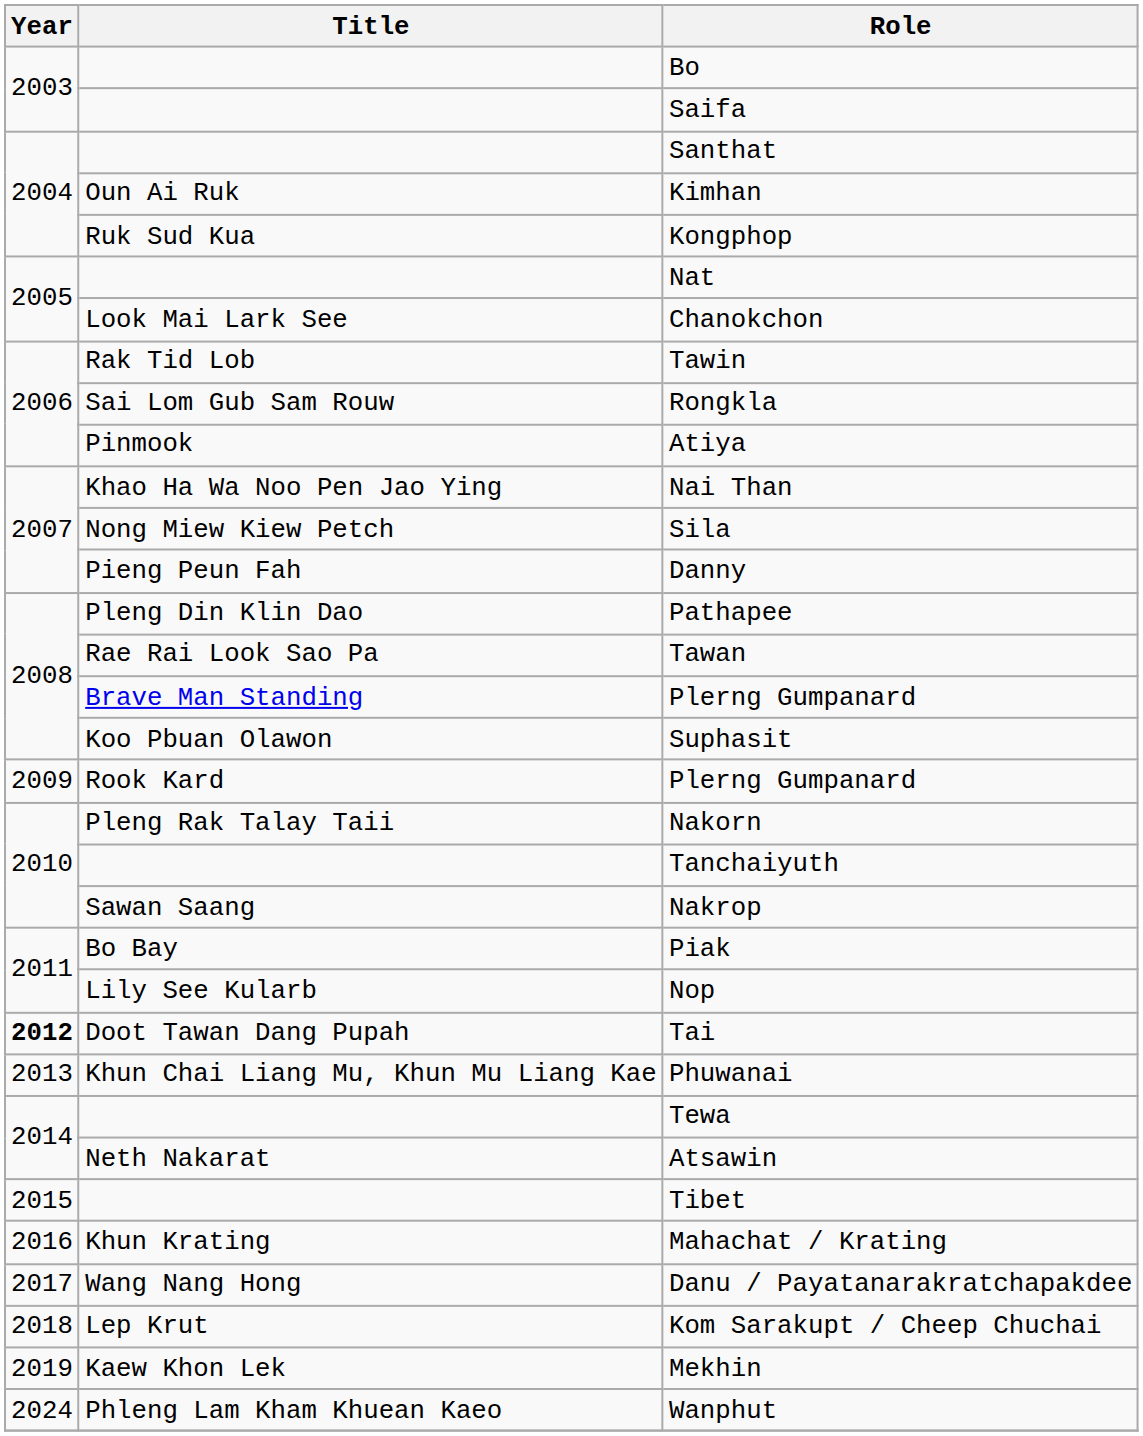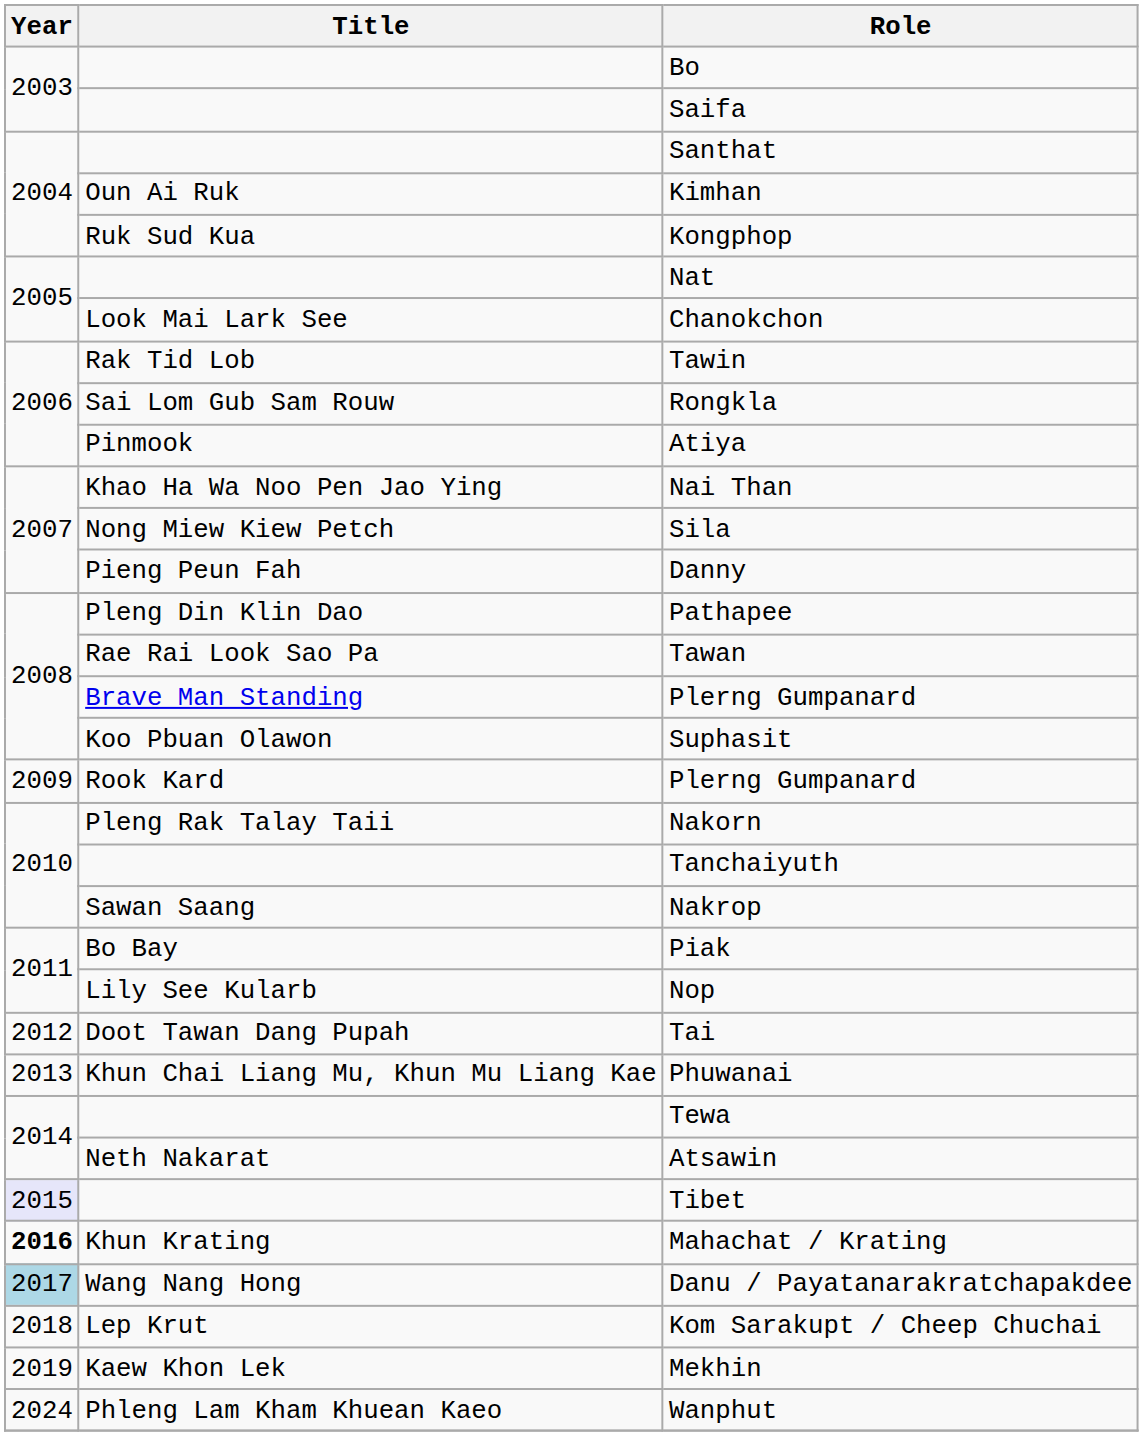 <table class="wikitable">
 <tr>
 <th>Year</th>
 <th>Title</th>
 <th>Role</th>
 </tr>
 <tr>
 <td rowspan = "2">2003</td>
 <td></td>
 <td>Bo</td>
 </tr>
 <tr>
 <td></td>
 <td>Saifa</td>
 </tr>
 <tr>
 <td rowspan = "3">2004</td>
 <td></td>
 <td>Santhat</td>
 </tr>
 <tr>
 <td>Oun Ai Ruk</td>
 <td>Kimhan</td>
 </tr>
 <tr>
 <td>Ruk Sud Kua</td>
 <td>Kongphop</td>
 </tr>
 <tr>
 <td rowspan = "2">2005</td>
 <td></td>
 <td>Nat</td>
 </tr>
 <tr>
 <td>Look Mai Lark See</td>
 <td>Chanokchon</td>
 </tr>
 <tr>
 <td rowspan = "3">2006</td>
 <td>Rak Tid Lob</td>
 <td>Tawin</td>
 </tr>
 <tr>
 <td>Sai Lom Gub Sam Rouw</td>
 <td>Rongkla</td>
 </tr>
 <tr>
 <td>Pinmook</td>
 <td>Atiya</td>
 </tr>
 <tr>
 <td rowspan = "3">2007</td>
 <td>Khao Ha Wa Noo Pen Jao Ying</td>
 <td>Nai Than</td>
 </tr>
 <tr>
 <td>Nong Miew Kiew Petch</td>
 <td>Sila</td>
 </tr>
 <tr>
 <td>Pieng Peun Fah</td>
 <td>Danny</td>
 </tr>
 <tr>
 <td rowspan = "4">2008</td>
 <td>Pleng Din Klin Dao</td>
 <td>Pathapee</td>
 </tr>
 <tr>
 <td>Rae Rai Look Sao Pa</td>
 <td>Tawan</td>
 </tr>
 <tr>
 <td><a href='#'>Brave Man Standing</a></td>
 <td>Plerng Gumpanard</td>
 </tr>
 <tr>
 <td>Koo Pbuan Olawon</td>
 <td>Suphasit</td>
 </tr>
 <tr>
 <td>2009</td>
 <td>Rook Kard</td>
 <td>Plerng Gumpanard</td>
 </tr>
 <tr>
 <td rowspan = "3">2010</td>
 <td>Pleng Rak Talay Taii</td>
 <td>Nakorn</td>
 </tr>
 <tr>
 <td></td>
 <td>Tanchaiyuth</td>
 </tr>
 <tr>
 <td>Sawan Saang</td>
 <td>Nakrop</td>
 </tr>
 <tr>
 <td rowspan = "2">2011</td>
 <td>Bo Bay</td>
 <td>Piak</td>
 </tr>
 <tr>
 <td>Lily See Kularb</td>
 <td>Nop</td>
 </tr>
 <tr>
-<td><strong>2012</strong></td>
+<td>2012</td>
 <td>Doot Tawan Dang Pupah</td>
 <td>Tai</td>
 </tr>
 <tr>
 <td>2013</td>
 <td>Khun Chai Liang Mu, Khun Mu Liang Kae</td>
 <td>Phuwanai</td>
 </tr>
 <tr>
 <td rowspan = "2">2014</td>
 <td></td>
 <td>Tewa</td>
 </tr>
 <tr>
 <td>Neth Nakarat</td>
 <td>Atsawin</td>
 </tr>
 <tr>
-<td>2015</td>
+<td style="background: lavender;">2015</td>
 <td></td>
 <td>Tibet</td>
 </tr>
 <tr>
-<td>2016</td>
+<td><strong>2016</strong></td>
 <td>Khun Krating</td>
 <td>Mahachat / Krating</td>
 </tr>
 <tr>
-<td>2017</td>
+<td style="background: lightblue;">2017</td>
 <td>Wang Nang Hong</td>
 <td>Danu / Payatanarakratchapakdee</td>
 </tr>
 <tr>
 <td>2018</td>
 <td>Lep Krut</td>
 <td>Kom Sarakupt / Cheep Chuchai</td>
 </tr>
 <tr>
 <td>2019</td>
 <td>Kaew Khon Lek</td>
 <td>Mekhin</td>
 </tr>
 <tr>
 <td>2024</td>
 <td>Phleng Lam Kham Khuean Kaeo</td>
 <td>Wanphut</td>
 </tr>
 <tr>
 </tr>
 </table>
